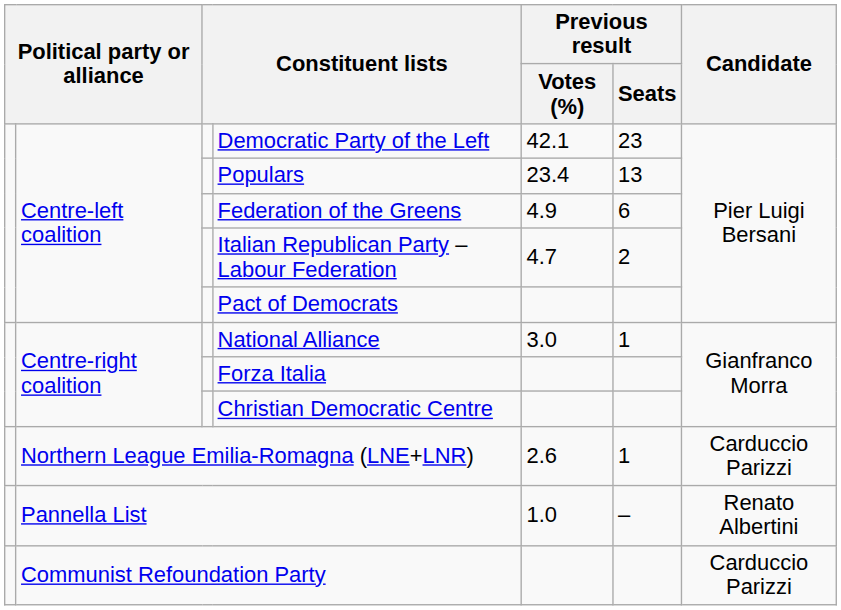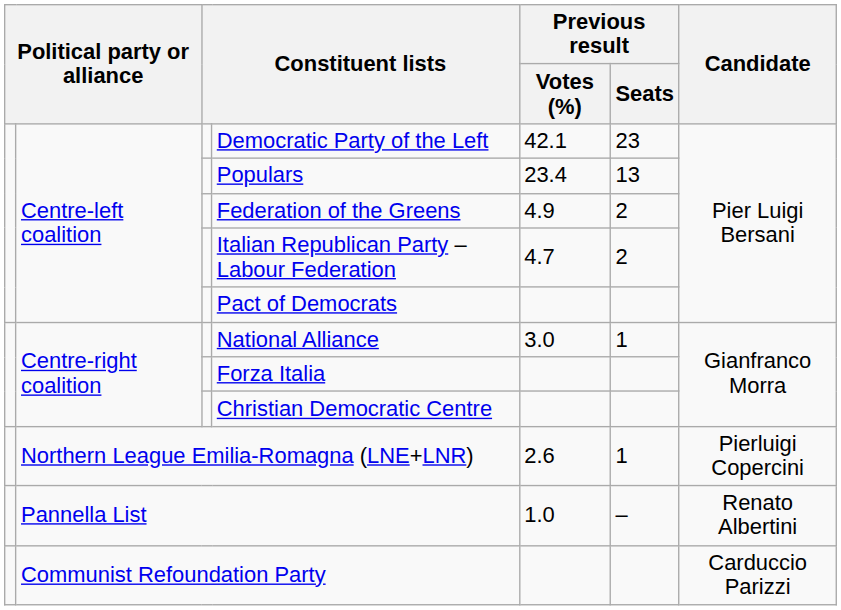 <table class="wikitable" style="text-align:left">
 <tr>
 <th colspan=2 rowspan="2">Political party or alliance</th>
 <th colspan=2 rowspan="2">Constituent lists</th>
 <th colspan="2">Previous result</th>
 <th rowspan="2">Candidate</th>
 </tr>
 <tr>
 <th>Votes (%)</th>
 <th>Seats</th>
 </tr>
 <tr>
 <td rowspan="5"></td>
 <td rowspan="5"><a href='#'>Centre-left coalition</a></td>
 <td></td>
 <td style="text-align:left;"><a href='#'>Democratic Party of the Left</a></td>
 <td>42.1</td>
 <td>23</td>
 <td rowspan="5" style="text-align: center;">Pier Luigi Bersani</td>
 </tr>
 <tr>
 <td></td>
 <td><a href='#'>Populars</a></td>
 <td>23.4</td>
 <td>13</td>
 </tr>
 <tr>
 <td></td>
 <td><a href='#'>Federation of the Greens</a></td>
 <td>4.9</td>
-<td>6</td>
+<td>2</td>
 </tr>
 <tr>
 <td></td>
 <td><a href='#'>Italian Republican Party</a> – <a href='#'>Labour Federation</a></td>
 <td>4.7</td>
 <td>2</td>
 </tr>
 <tr>
 <td></td>
 <td><a href='#'>Pact of Democrats</a></td>
 <td></td>
 <td></td>
 </tr>
 <tr>
 <td rowspan="3" style="background:"></td>
 <td rowspan=3><a href='#'>Centre-right coalition</a></td>
 <td></td>
 <td style="text-align:left;"><a href='#'>National Alliance</a></td>
 <td>3.0</td>
 <td>1</td>
 <td rowspan="3" style="text-align: center;">Gianfranco Morra</td>
 </tr>
 <tr>
 <td></td>
 <td style="text-align:left;"><a href='#'>Forza Italia</a></td>
 <td></td>
 <td></td>
 </tr>
 <tr>
 <td></td>
 <td style="text-align:left;"><a href='#'>Christian Democratic Centre</a></td>
 <td></td>
 <td></td>
 </tr>
 <tr>
 <td style="background-color:"></td>
 <td colspan="3"><a href='#'>Northern League Emilia-Romagna</a> (<a href='#'>LNE</a>+<a href='#'>LNR</a>)</td>
 <td>2.6</td>
 <td>1</td>
-<td style="text-align: center;">Carduccio Parizzi</td>
+<td style="text-align: center;">Pierluigi Copercini</td>
 </tr>
 <tr>
 <td></td>
 <td colspan="3"><a href='#'>Pannella List</a></td>
 <td>1.0</td>
 <td>–</td>
 <td style="text-align: center;">Renato Albertini</td>
 </tr>
 <tr>
 <td style="background-color:"></td>
 <td colspan="3"><a href='#'>Communist Refoundation Party</a></td>
 <td></td>
 <td></td>
 <td style="text-align: center;">Carduccio Parizzi</td>
 </tr>
 </table>
